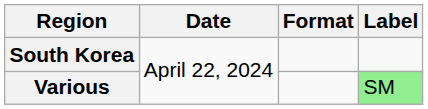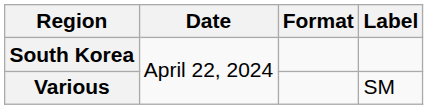 <table class="wikitable plainrowheaders">
 <tr>
 <th scope="col">Region</th>
 <th scope="col">Date</th>
 <th scope="col">Format</th>
 <th scope="col">Label</th>
 </tr>
 <tr>
 <th scope="row">South Korea</th>
 <td rowspan="2">April 22, 2024</td>
 <td></td>
 <td></td>
 </tr>
 <tr>
 <th scope="row">Various </th>
 <td></td>
-<td style="background: lightgreen;">SM</td>
+<td>SM</td>
 </tr>
 </table>
